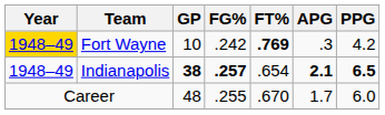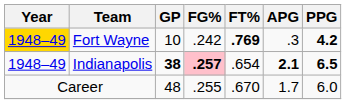 <table class="wikitable sortable" style="font-size:95%; text-align:right;">
 <tr>
 <th>Year</th>
 <th>Team</th>
 <th>GP</th>
 <th>FG%</th>
 <th>FT%</th>
 <th>APG</th>
 <th>PPG</th>
 </tr>
 <tr>
 <td style="background: gold; text-align:left;"><a href='#'>1948–49</a></td>
 <td style="text-align:left;"><a href='#'>Fort Wayne</a></td>
 <td>10</td>
 <td>.242</td>
 <td><strong>.769</strong></td>
 <td>.3</td>
-<td>4.2</td>
+<td><strong>4.2</strong></td>
 </tr>
 <tr>
 <td style="text-align:left;"><a href='#'>1948–49</a></td>
 <td style="text-align:left;"><a href='#'>Indianapolis</a></td>
 <td><strong>38</strong></td>
-<td><strong>.257</strong></td>
+<td style="background: pink;"><strong>.257</strong></td>
 <td>.654</td>
 <td><strong>2.1</strong></td>
 <td><strong>6.5</strong></td>
 </tr>
 <tr>
 <td style="text-align:center;" colspan="2">Career</td>
 <td>48</td>
 <td>.255</td>
 <td>.670</td>
 <td>1.7</td>
 <td>6.0</td>
 </tr>
 <tr>
 </tr>
 </table>
